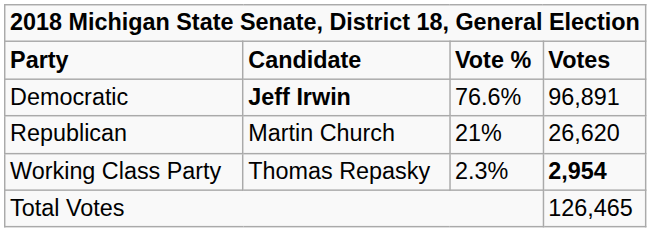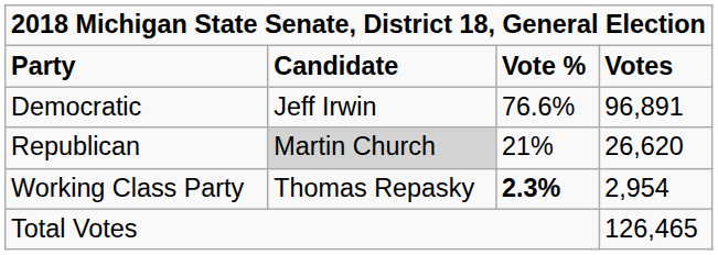 <table class="wikitable">
 <tr>
 <td colspan="4"><strong>2018 Michigan State Senate, District 18, General Election</strong></td>
 </tr>
 <tr>
 <td><strong>Party</strong></td>
 <td><strong>Candidate</strong></td>
 <td><strong>Vote %</strong></td>
 <td><strong>Votes</strong></td>
 </tr>
 <tr>
 <td>Democratic</td>
-<td><strong>Jeff Irwin</strong></td>
+<td>Jeff Irwin</td>
 <td>76.6%</td>
 <td>96,891</td>
 </tr>
 <tr>
 <td>Republican</td>
-<td>Martin Church</td>
+<td style="background: lightgrey;">Martin Church</td>
 <td>21%</td>
 <td>26,620</td>
 </tr>
 <tr>
 <td>Working Class Party</td>
 <td>Thomas Repasky</td>
-<td>2.3%</td>
-<td><strong>2,954</strong></td>
+<td><strong>2.3%</strong></td>
+<td>2,954</td>
 </tr>
 <tr>
 <td colspan="3">Total Votes</td>
 <td>126,465</td>
 </tr>
 </table>
